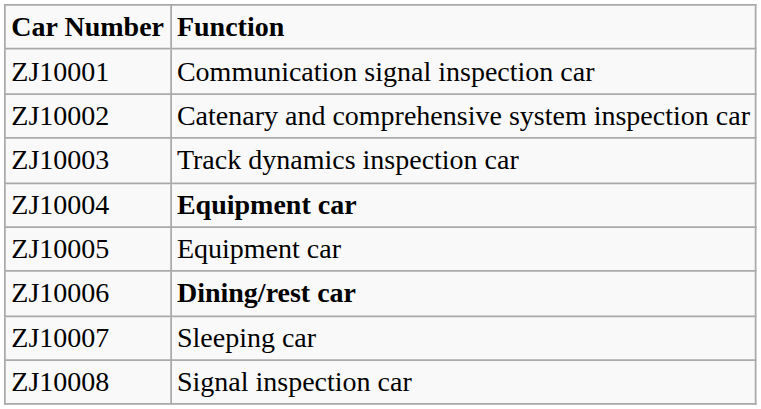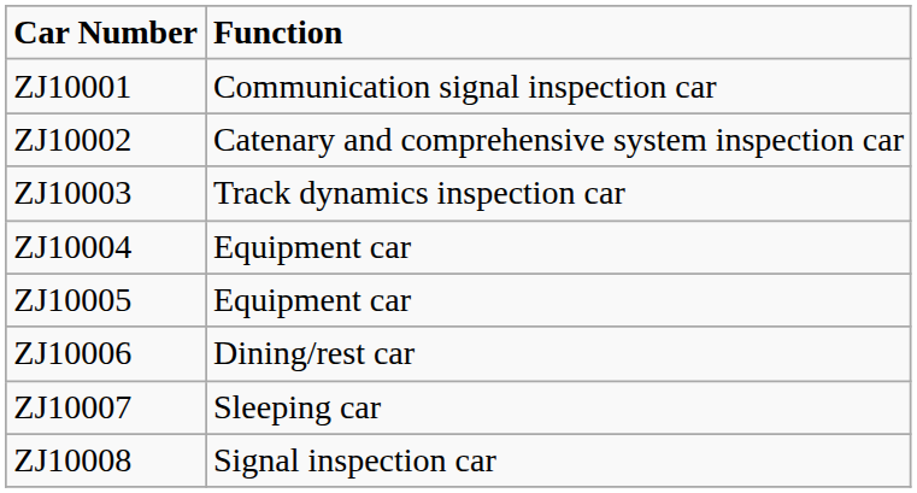 <table class="wikitable" style="font-size:100%;text-align: left;">
 <tr>
 <td><strong>Car Number</strong></td>
 <td><strong>Function</strong></td>
 </tr>
 <tr>
 <td>ZJ10001</td>
 <td>Communication signal inspection car</td>
 </tr>
 <tr>
 <td>ZJ10002</td>
 <td>Catenary and comprehensive system inspection car</td>
 </tr>
 <tr>
 <td>ZJ10003</td>
 <td>Track dynamics inspection car</td>
 </tr>
 <tr>
 <td>ZJ10004</td>
-<td><strong>Equipment car</strong></td>
+<td>Equipment car</td>
 </tr>
 <tr>
 <td>ZJ10005</td>
 <td>Equipment car</td>
 </tr>
 <tr>
 <td>ZJ10006</td>
-<td><strong>Dining/rest car</strong></td>
+<td>Dining/rest car</td>
 </tr>
 <tr>
 <td>ZJ10007</td>
 <td>Sleeping car</td>
 </tr>
 <tr>
 <td>ZJ10008</td>
 <td>Signal inspection car</td>
 </tr>
 </table>
